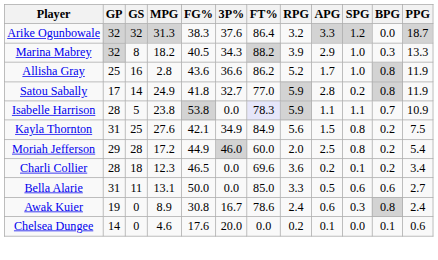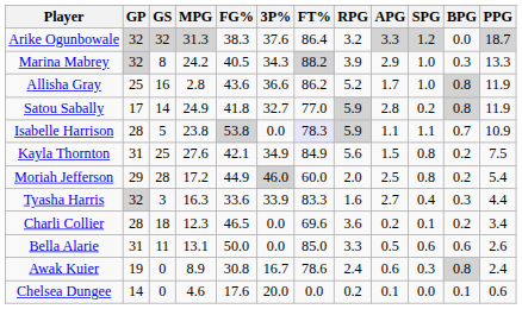 <table class="wikitable sortable" style="text-align:center;">
 <tr>
 <th>Player</th>
 <th>GP</th>
 <th>GS</th>
 <th>MPG</th>
 <th>FG%</th>
 <th>3P%</th>
 <th>FT%</th>
 <th>RPG</th>
 <th>APG</th>
 <th>SPG</th>
 <th>BPG</th>
 <th>PPG</th>
 </tr>
 <tr>
 <td><a href='#'>Arike Ogunbowale</a></td>
 <td style="background:#D3D3D3;">32</td>
 <td style="background:#D3D3D3;">32</td>
 <td style="background:#D3D3D3;">31.3</td>
 <td>38.3</td>
 <td>37.6</td>
 <td>86.4</td>
 <td>3.2</td>
 <td style="background:#D3D3D3;">3.3</td>
 <td style="background:#D3D3D3;">1.2</td>
 <td>0.0</td>
 <td style="background:#D3D3D3;">18.7</td>
 </tr>
 <tr>
 <td><a href='#'>Marina Mabrey</a></td>
 <td style="background:#D3D3D3;">32</td>
 <td>8</td>
-<td>18.2</td>
+<td>24.2</td>
 <td>40.5</td>
 <td>34.3</td>
 <td style="background:#D3D3D3;">88.2</td>
 <td>3.9</td>
 <td>2.9</td>
 <td>1.0</td>
 <td>0.3</td>
 <td>13.3</td>
 </tr>
 <tr>
 <td><a href='#'>Allisha Gray</a></td>
 <td>25</td>
 <td>16</td>
 <td>2.8</td>
 <td>43.6</td>
 <td>36.6</td>
 <td>86.2</td>
 <td>5.2</td>
 <td>1.7</td>
 <td>1.0</td>
 <td style="background:#D3D3D3;">0.8</td>
 <td>11.9</td>
 </tr>
 <tr>
 <td><a href='#'>Satou Sabally</a></td>
 <td>17</td>
 <td>14</td>
 <td>24.9</td>
 <td>41.8</td>
 <td>32.7</td>
 <td>77.0</td>
 <td style="background:#D3D3D3;">5.9</td>
 <td>2.8</td>
 <td>0.2</td>
 <td style="background:#D3D3D3;">0.8</td>
 <td>11.9</td>
 </tr>
 <tr>
 <td><a href='#'>Isabelle Harrison</a></td>
 <td>28</td>
 <td>5</td>
 <td>23.8</td>
 <td style="background:#D3D3D3;">53.8</td>
 <td>0.0</td>
 <td style="background: lavender;">78.3</td>
 <td style="background:#D3D3D3;">5.9</td>
 <td>1.1</td>
 <td>1.1</td>
 <td>0.7</td>
 <td>10.9</td>
 </tr>
 <tr>
 <td><a href='#'>Kayla Thornton</a></td>
 <td>31</td>
 <td>25</td>
 <td>27.6</td>
 <td>42.1</td>
 <td>34.9</td>
 <td>84.9</td>
 <td>5.6</td>
 <td>1.5</td>
 <td>0.8</td>
 <td>0.2</td>
 <td>7.5</td>
 </tr>
 <tr>
 <td><a href='#'>Moriah Jefferson</a></td>
 <td>29</td>
 <td>28</td>
 <td>17.2</td>
 <td>44.9</td>
 <td style="background:#D3D3D3;">46.0</td>
 <td>60.0</td>
 <td>2.0</td>
 <td>2.5</td>
 <td>0.8</td>
 <td>0.2</td>
 <td>5.4</td>
 </tr>
 <tr>
+<td><a href='#'>Tyasha Harris</a></td>
+<td style="background:#D3D3D3;">32</td>
+<td>3</td>
+<td>16.3</td>
+<td>33.6</td>
+<td>33.9</td>
+<td>83.3</td>
+<td>1.6</td>
+<td>2.7</td>
+<td>0.4</td>
+<td>0.3</td>
+<td>4.4</td>
+</tr>
+<tr>
 <td><a href='#'>Charli Collier</a></td>
 <td>28</td>
 <td>18</td>
 <td>12.3</td>
 <td>46.5</td>
 <td>0.0</td>
 <td>69.6</td>
 <td>3.6</td>
 <td>0.2</td>
 <td>0.1</td>
 <td>0.2</td>
 <td>3.4</td>
 </tr>
 <tr>
 <td><a href='#'>Bella Alarie</a></td>
 <td>31</td>
 <td>11</td>
 <td>13.1</td>
 <td>50.0</td>
 <td>0.0</td>
 <td>85.0</td>
 <td>3.3</td>
 <td>0.5</td>
 <td>0.6</td>
 <td>0.6</td>
-<td>2.7</td>
+<td>2.6</td>
 </tr>
 <tr>
 <td><a href='#'>Awak Kuier</a></td>
 <td>19</td>
 <td>0</td>
 <td>8.9</td>
 <td>30.8</td>
 <td>16.7</td>
 <td>78.6</td>
 <td>2.4</td>
 <td>0.6</td>
 <td>0.3</td>
 <td style="background:#D3D3D3;">0.8</td>
 <td>2.4</td>
 </tr>
 <tr>
 <td><a href='#'>Chelsea Dungee</a></td>
 <td>14</td>
 <td>0</td>
 <td>4.6</td>
 <td>17.6</td>
 <td>20.0</td>
 <td>0.0</td>
 <td>0.2</td>
 <td>0.1</td>
 <td>0.0</td>
 <td>0.1</td>
 <td>0.6</td>
 </tr>
 </table>
